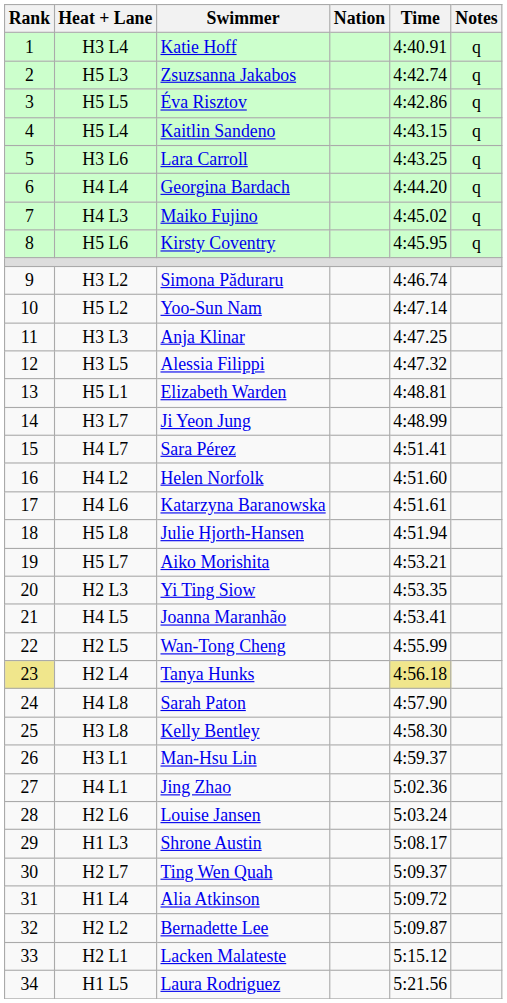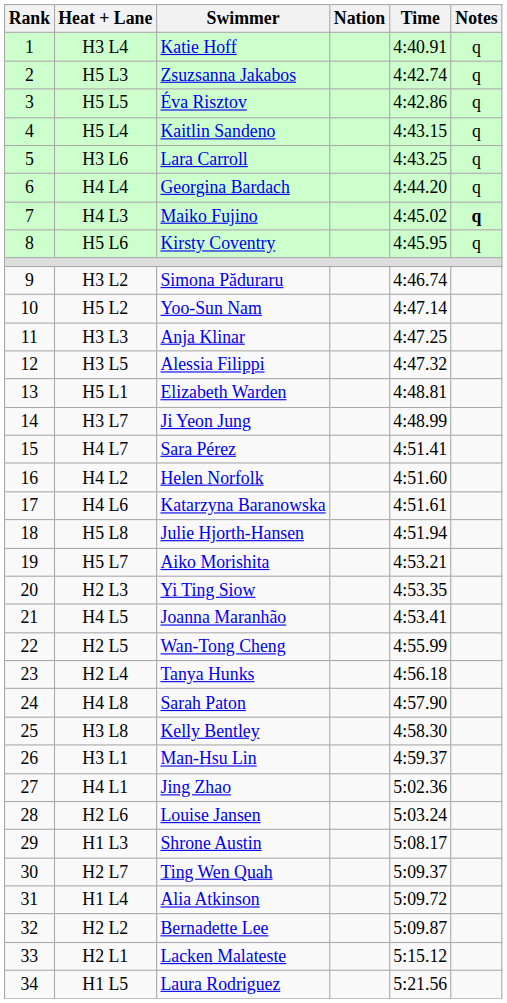 <table class="wikitable sortable" style="text-align:center">
 <tr>
 <th>Rank</th>
 <th>Heat + Lane</th>
 <th>Swimmer</th>
 <th>Nation</th>
 <th>Time</th>
 <th>Notes</th>
 </tr>
 <tr bgcolor=ccffcc>
 <td>1</td>
 <td>H3 L4</td>
 <td align=left><a href='#'>Katie Hoff</a></td>
 <td align=left></td>
 <td>4:40.91</td>
 <td>q</td>
 </tr>
 <tr bgcolor=ccffcc>
 <td>2</td>
 <td>H5 L3</td>
 <td align=left><a href='#'>Zsuzsanna Jakabos</a></td>
 <td align=left></td>
 <td>4:42.74</td>
 <td>q</td>
 </tr>
 <tr bgcolor=ccffcc>
 <td>3</td>
 <td>H5 L5</td>
 <td align=left><a href='#'>Éva Risztov</a></td>
 <td align=left></td>
 <td>4:42.86</td>
 <td>q</td>
 </tr>
 <tr bgcolor=ccffcc>
 <td>4</td>
 <td>H5 L4</td>
 <td align=left><a href='#'>Kaitlin Sandeno</a></td>
 <td align=left></td>
 <td>4:43.15</td>
 <td>q</td>
 </tr>
 <tr bgcolor=ccffcc>
 <td>5</td>
 <td>H3 L6</td>
 <td align=left><a href='#'>Lara Carroll</a></td>
 <td align=left></td>
 <td>4:43.25</td>
 <td>q</td>
 </tr>
 <tr bgcolor=ccffcc>
 <td>6</td>
 <td>H4 L4</td>
 <td align=left><a href='#'>Georgina Bardach</a></td>
 <td align=left></td>
 <td>4:44.20</td>
 <td>q</td>
 </tr>
 <tr bgcolor=ccffcc>
 <td>7</td>
 <td>H4 L3</td>
 <td align=left><a href='#'>Maiko Fujino</a></td>
 <td align=left></td>
 <td>4:45.02</td>
-<td>q</td>
+<td><strong>q</strong></td>
 </tr>
 <tr bgcolor=ccffcc>
 <td>8</td>
 <td>H5 L6</td>
 <td align=left><a href='#'>Kirsty Coventry</a></td>
 <td align=left></td>
 <td>4:45.95</td>
 <td>q</td>
 </tr>
 <tr bgcolor=#DDDDDD>
 <td colspan=6></td>
 </tr>
 <tr>
 <td>9</td>
 <td>H3 L2</td>
 <td align=left><a href='#'>Simona Păduraru</a></td>
 <td align=left></td>
 <td>4:46.74</td>
 <td></td>
 </tr>
 <tr>
 <td>10</td>
 <td>H5 L2</td>
 <td align=left><a href='#'>Yoo-Sun Nam</a></td>
 <td align=left></td>
 <td>4:47.14</td>
 <td></td>
 </tr>
 <tr>
 <td>11</td>
 <td>H3 L3</td>
 <td align=left><a href='#'>Anja Klinar</a></td>
 <td align=left></td>
 <td>4:47.25</td>
 <td></td>
 </tr>
 <tr>
 <td>12</td>
 <td>H3 L5</td>
 <td align=left><a href='#'>Alessia Filippi</a></td>
 <td align=left></td>
 <td>4:47.32</td>
 <td></td>
 </tr>
 <tr>
 <td>13</td>
 <td>H5 L1</td>
 <td align=left><a href='#'>Elizabeth Warden</a></td>
 <td align=left></td>
 <td>4:48.81</td>
 <td></td>
 </tr>
 <tr>
 <td>14</td>
 <td>H3 L7</td>
 <td align=left><a href='#'>Ji Yeon Jung</a></td>
 <td align=left></td>
 <td>4:48.99</td>
 <td></td>
 </tr>
 <tr>
 <td>15</td>
 <td>H4 L7</td>
 <td align=left><a href='#'>Sara Pérez</a></td>
 <td align=left></td>
 <td>4:51.41</td>
 <td></td>
 </tr>
 <tr>
 <td>16</td>
 <td>H4 L2</td>
 <td align=left><a href='#'>Helen Norfolk</a></td>
 <td align=left></td>
 <td>4:51.60</td>
 <td></td>
 </tr>
 <tr>
 <td>17</td>
 <td>H4 L6</td>
 <td align=left><a href='#'>Katarzyna Baranowska</a></td>
 <td align=left></td>
 <td>4:51.61</td>
 <td></td>
 </tr>
 <tr>
 <td>18</td>
 <td>H5 L8</td>
 <td align=left><a href='#'>Julie Hjorth-Hansen</a></td>
 <td align=left></td>
 <td>4:51.94</td>
 <td></td>
 </tr>
 <tr>
 <td>19</td>
 <td>H5 L7</td>
 <td align=left><a href='#'>Aiko Morishita</a></td>
 <td align=left></td>
 <td>4:53.21</td>
 <td></td>
 </tr>
 <tr>
 <td>20</td>
 <td>H2 L3</td>
 <td align=left><a href='#'>Yi Ting Siow</a></td>
 <td align=left></td>
 <td>4:53.35</td>
 <td></td>
 </tr>
 <tr>
 <td>21</td>
 <td>H4 L5</td>
 <td align=left><a href='#'>Joanna Maranhão</a></td>
 <td align=left></td>
 <td>4:53.41</td>
 <td></td>
 </tr>
 <tr>
 <td>22</td>
 <td>H2 L5</td>
 <td align=left><a href='#'>Wan-Tong Cheng</a></td>
 <td align=left></td>
 <td>4:55.99</td>
 <td></td>
 </tr>
 <tr>
-<td style="background: khaki;">23</td>
+<td>23</td>
 <td>H2 L4</td>
 <td align=left><a href='#'>Tanya Hunks</a></td>
 <td align=left></td>
-<td style="background: khaki;">4:56.18</td>
+<td>4:56.18</td>
 <td></td>
 </tr>
 <tr>
 <td>24</td>
 <td>H4 L8</td>
 <td align=left><a href='#'>Sarah Paton</a></td>
 <td align=left></td>
 <td>4:57.90</td>
 <td></td>
 </tr>
 <tr>
 <td>25</td>
 <td>H3 L8</td>
 <td align=left><a href='#'>Kelly Bentley</a></td>
 <td align=left></td>
 <td>4:58.30</td>
 <td></td>
 </tr>
 <tr>
 <td>26</td>
 <td>H3 L1</td>
 <td align=left><a href='#'>Man-Hsu Lin</a></td>
 <td align=left></td>
 <td>4:59.37</td>
 <td></td>
 </tr>
 <tr>
 <td>27</td>
 <td>H4 L1</td>
 <td align=left><a href='#'>Jing Zhao</a></td>
 <td align=left></td>
 <td>5:02.36</td>
 <td></td>
 </tr>
 <tr>
 <td>28</td>
 <td>H2 L6</td>
 <td align=left><a href='#'>Louise Jansen</a></td>
 <td align=left></td>
 <td>5:03.24</td>
 <td></td>
 </tr>
 <tr>
 <td>29</td>
 <td>H1 L3</td>
 <td align=left><a href='#'>Shrone Austin</a></td>
 <td align=left></td>
 <td>5:08.17</td>
 <td></td>
 </tr>
 <tr>
 <td>30</td>
 <td>H2 L7</td>
 <td align=left><a href='#'>Ting Wen Quah</a></td>
 <td align=left></td>
 <td>5:09.37</td>
 <td></td>
 </tr>
 <tr>
 <td>31</td>
 <td>H1 L4</td>
 <td align=left><a href='#'>Alia Atkinson</a></td>
 <td align=left></td>
 <td>5:09.72</td>
 <td></td>
 </tr>
 <tr>
 <td>32</td>
 <td>H2 L2</td>
 <td align=left><a href='#'>Bernadette Lee</a></td>
 <td align=left></td>
 <td>5:09.87</td>
 <td></td>
 </tr>
 <tr>
 <td>33</td>
 <td>H2 L1</td>
 <td align=left><a href='#'>Lacken Malateste</a></td>
 <td align=left></td>
 <td>5:15.12</td>
 <td></td>
 </tr>
 <tr>
 <td>34</td>
 <td>H1 L5</td>
 <td align=left><a href='#'>Laura Rodriguez</a></td>
 <td align=left></td>
 <td>5:21.56</td>
 <td></td>
 </tr>
 <tr>
 </tr>
 </table>
